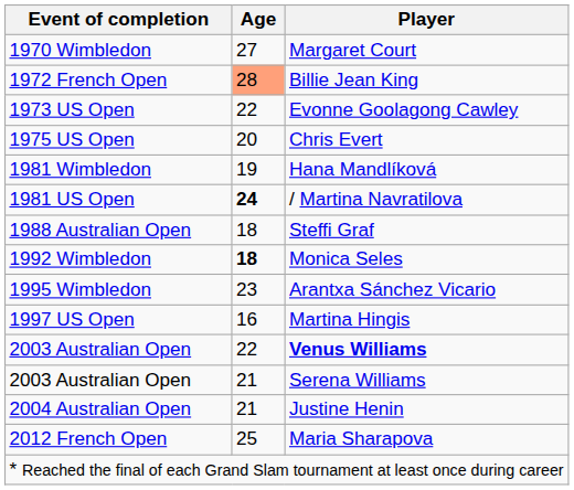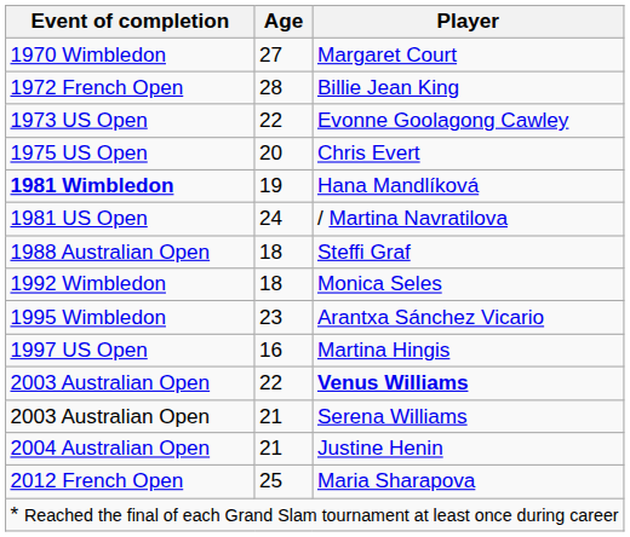 <table class="wikitable">
 <tr>
 <th>Event of completion</th>
 <th>Age</th>
 <th>Player</th>
 </tr>
 <tr>
 <td><a href='#'>1970 Wimbledon</a></td>
 <td>27</td>
 <td> <a href='#'>Margaret Court</a></td>
 </tr>
 <tr>
 <td><a href='#'>1972 French Open</a></td>
-<td style="background: lightsalmon;">28</td>
+<td>28</td>
 <td> <a href='#'>Billie Jean King</a></td>
 </tr>
 <tr>
 <td><a href='#'>1973 US Open</a></td>
 <td>22</td>
 <td> <a href='#'>Evonne Goolagong Cawley</a></td>
 </tr>
 <tr>
 <td><a href='#'>1975 US Open</a></td>
 <td>20</td>
 <td> <a href='#'>Chris Evert</a></td>
 </tr>
 <tr>
-<td><a href='#'>1981 Wimbledon</a></td>
+<td><strong><a href='#'>1981 Wimbledon</a></strong></td>
 <td>19</td>
 <td> <a href='#'>Hana Mandlíková</a></td>
 </tr>
 <tr>
 <td><a href='#'>1981 US Open</a></td>
-<td><strong>24</strong></td>
+<td>24</td>
 <td>/ <a href='#'>Martina Navratilova</a></td>
 </tr>
 <tr>
 <td><a href='#'>1988 Australian Open</a></td>
 <td>18</td>
 <td> <a href='#'>Steffi Graf</a></td>
 </tr>
 <tr>
 <td><a href='#'>1992 Wimbledon</a></td>
-<td><strong>18</strong></td>
+<td>18</td>
 <td> <a href='#'>Monica Seles</a></td>
 </tr>
 <tr>
 <td><a href='#'>1995 Wimbledon</a></td>
 <td>23</td>
 <td> <a href='#'>Arantxa Sánchez Vicario</a></td>
 </tr>
 <tr>
 <td><a href='#'>1997 US Open</a></td>
 <td>16</td>
 <td> <a href='#'>Martina Hingis</a></td>
 </tr>
 <tr>
 <td><a href='#'>2003 Australian Open</a></td>
 <td>22</td>
 <td> <strong><a href='#'>Venus Williams</a></strong></td>
 </tr>
 <tr>
 <td>2003 Australian Open</td>
 <td>21</td>
 <td> <a href='#'>Serena Williams</a></td>
 </tr>
 <tr>
 <td><a href='#'>2004 Australian Open</a></td>
 <td>21</td>
 <td> <a href='#'>Justine Henin</a></td>
 </tr>
 <tr>
 <td><a href='#'>2012 French Open</a></td>
 <td>25</td>
 <td> <a href='#'>Maria Sharapova</a></td>
 </tr>
 <tr>
 <td colspan=3 align=center>* <small>Reached the final of each Grand Slam tournament at least once during career</small></td>
 </tr>
 </table>
